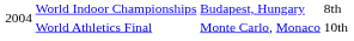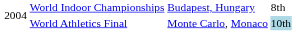 <table>
 <tr>
 <td rowspan=2>2004</td>
 <td><a href='#'>World Indoor Championships</a></td>
 <td><a href='#'>Budapest, Hungary</a></td>
 <td>8th</td>
 <td></td>
 </tr>
 <tr>
 <td><a href='#'>World Athletics Final</a></td>
 <td><a href='#'>Monte Carlo</a>, <a href='#'>Monaco</a></td>
-<td>10th</td>
+<td style="background: lightblue;">10th</td>
 <td></td>
 </tr>
 </table>
